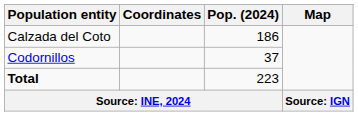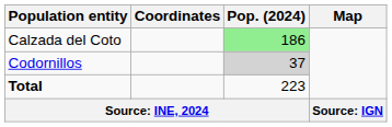 <table class="wikitable" align="center">
 <tr>
 <th>Population entity</th>
 <th>Coordinates</th>
 <th>Pop. (2024)</th>
 <th>Map</th>
 </tr>
 <tr>
 <td>Calzada del Coto</td>
 <td></td>
-<td align="right">186</td>
+<td align="right" style="background: lightgreen;">186</td>
 <td rowspan="3"></td>
 </tr>
 <tr>
 <td><a href='#'>Codornillos</a></td>
 <td></td>
-<td align="right">37</td>
+<td align="right" style="background: lightgrey;">37</td>
 </tr>
 <tr>
 <td><strong>Total</strong></td>
 <td></td>
 <td align="right">223</td>
 </tr>
 <tr>
 <th colspan="3"><small>Source: <a href='#'>INE, 2024</a></small></th>
 <th><small>Source: <a href='#'>IGN</a></small></th>
 </tr>
 </table>
